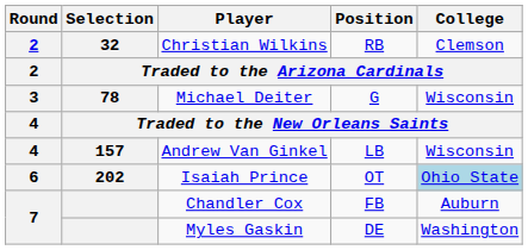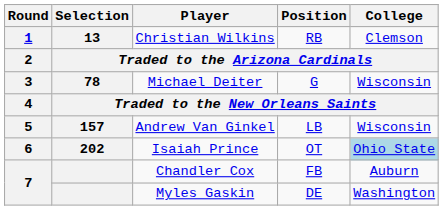 <table class="wikitable" style="text-align:center">
 <tr>
 <th>Round</th>
 <th>Selection</th>
 <th>Player</th>
 <th>Position</th>
 <th>College</th>
 </tr>
 <tr>
-<th><a href='#'>2</a></th>
-<th>32</th>
+<th><a href='#'>1</a></th>
+<th>13</th>
 <td><a href='#'>Christian Wilkins</a></td>
 <td><a href='#'>RB</a></td>
 <td><a href='#'>Clemson</a></td>
 </tr>
 <tr>
 <th>2</th>
 <th 48 colspan="4"><strong><em>Traded to the <a href='#'>Arizona Cardinals</a></em></strong></th>
 </tr>
 <tr>
 <th>3</th>
 <th>78</th>
 <td><a href='#'>Michael Deiter</a></td>
 <td><a href='#'>G</a></td>
 <td><a href='#'>Wisconsin</a></td>
 </tr>
 <tr>
 <th>4</th>
 <th 48 colspan="4"><strong><em>Traded to the <a href='#'>New Orleans Saints</a></em></strong></th>
 </tr>
 <tr>
-<th>4</th>
+<th>5</th>
 <th>157</th>
 <td><a href='#'>Andrew Van Ginkel</a></td>
 <td><a href='#'>LB</a></td>
 <td><a href='#'>Wisconsin</a></td>
 </tr>
 <tr>
 <th>6</th>
 <th>202</th>
 <td><a href='#'>Isaiah Prince</a></td>
 <td><a href='#'>OT</a></td>
 <td style="background: lightblue;"><a href='#'>Ohio State</a></td>
 </tr>
 <tr>
 <th rowspan="2">7</th>
 <th></th>
 <td><a href='#'>Chandler Cox</a></td>
 <td><a href='#'>FB</a></td>
 <td><a href='#'>Auburn</a></td>
 </tr>
 <tr>
 <th></th>
 <td><a href='#'>Myles Gaskin</a></td>
 <td><a href='#'>DE</a></td>
 <td><a href='#'>Washington</a></td>
 </tr>
 </table>
